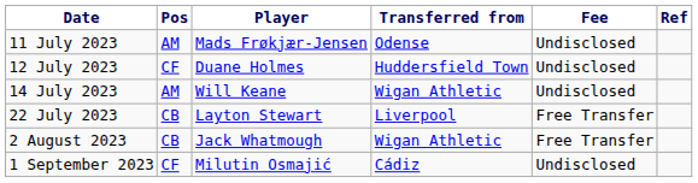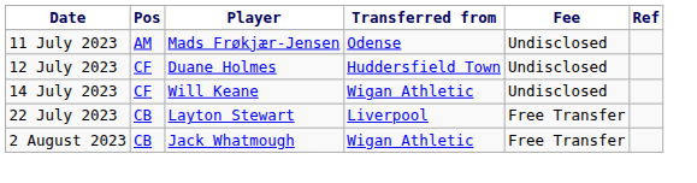 <table class="wikitable plainrowheaders sortable">
 <tr>
 <th style="background:#ffffff;color:#00005a; ">Date</th>
 <th style="background:#ffffff;color:#00005a; ">Pos</th>
 <th style="background:#ffffff;color:#00005a; ">Player</th>
 <th style="background:#ffffff;color:#00005a; ">Transferred from</th>
 <th style="background:#ffffff;color:#00005a; ">Fee</th>
 <th style="background:#ffffff;color:#00005a; ">Ref</th>
 </tr>
 <tr>
 <td>11 July 2023</td>
 <td><a href='#'>AM</a></td>
 <td> <a href='#'>Mads Frøkjær-Jensen</a></td>
 <td> <a href='#'>Odense</a></td>
 <td>Undisclosed</td>
 <td></td>
 </tr>
 <tr>
 <td>12 July 2023</td>
 <td><a href='#'>CF</a></td>
 <td> <a href='#'>Duane Holmes</a></td>
 <td> <a href='#'>Huddersfield Town</a></td>
 <td>Undisclosed</td>
 <td></td>
 </tr>
 <tr>
 <td>14 July 2023</td>
-<td><a href='#'>AM</a></td>
+<td><a href='#'>CF</a></td>
 <td> <a href='#'>Will Keane</a></td>
 <td> <a href='#'>Wigan Athletic</a></td>
 <td>Undisclosed</td>
 <td></td>
 </tr>
 <tr>
 <td>22 July 2023</td>
 <td><a href='#'>CB</a></td>
 <td> <a href='#'>Layton Stewart</a></td>
 <td> <a href='#'>Liverpool</a></td>
 <td>Free Transfer</td>
 <td></td>
 </tr>
 <tr>
 <td>2 August 2023</td>
 <td><a href='#'>CB</a></td>
 <td> <a href='#'>Jack Whatmough</a></td>
 <td> <a href='#'>Wigan Athletic</a></td>
 <td>Free Transfer</td>
 <td></td>
 </tr>
-<tr>
-<td>1 September 2023</td>
-<td><a href='#'>CF</a></td>
-<td> <a href='#'>Milutin Osmajić</a></td>
-<td> <a href='#'>Cádiz</a></td>
-<td>Undisclosed</td>
-<td></td>
-</tr>
 </table>
